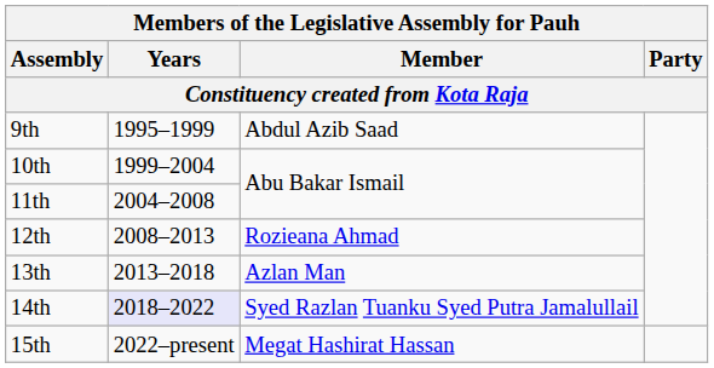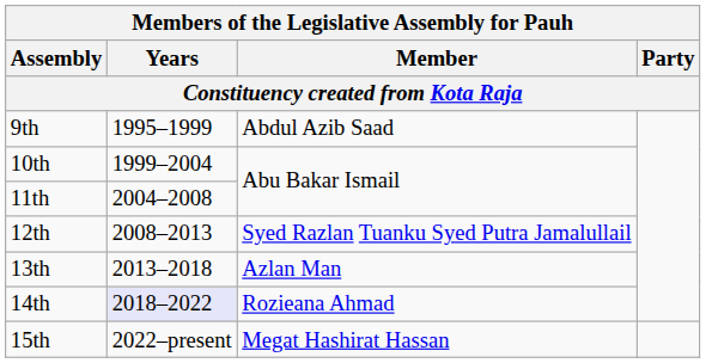 <table class=wikitable>
 <tr>
 <th colspan=4>Members of the Legislative Assembly for Pauh</th>
 </tr>
 <tr>
 <th>Assembly</th>
 <th>Years</th>
 <th>Member</th>
 <th>Party</th>
 </tr>
 <tr>
 <th colspan=4 align=center><em>Constituency created from <a href='#'>Kota Raja</a></em></th>
 </tr>
 <tr>
 <td>9th</td>
 <td>1995–1999</td>
 <td>Abdul Azib Saad</td>
 <td rowspan=6></td>
 </tr>
 <tr>
 <td>10th</td>
 <td>1999–2004</td>
 <td rowspan=2>Abu Bakar Ismail</td>
 </tr>
 <tr>
 <td>11th</td>
 <td>2004–2008</td>
 </tr>
 <tr>
 <td>12th</td>
 <td>2008–2013</td>
-<td><a href='#'>Rozieana Ahmad</a></td>
+<td><a href='#'>Syed Razlan</a> <a href='#'>Tuanku Syed Putra Jamalullail</a></td>
 </tr>
 <tr>
 <td>13th</td>
 <td>2013–2018</td>
 <td><a href='#'>Azlan Man</a></td>
 </tr>
 <tr>
 <td>14th</td>
 <td style="background: lavender;">2018–2022</td>
-<td><a href='#'>Syed Razlan</a> <a href='#'>Tuanku Syed Putra Jamalullail</a></td>
+<td><a href='#'>Rozieana Ahmad</a></td>
 </tr>
 <tr>
 <td>15th</td>
 <td>2022–present</td>
 <td><a href='#'>Megat Hashirat Hassan</a></td>
 <td></td>
 </tr>
 </table>
